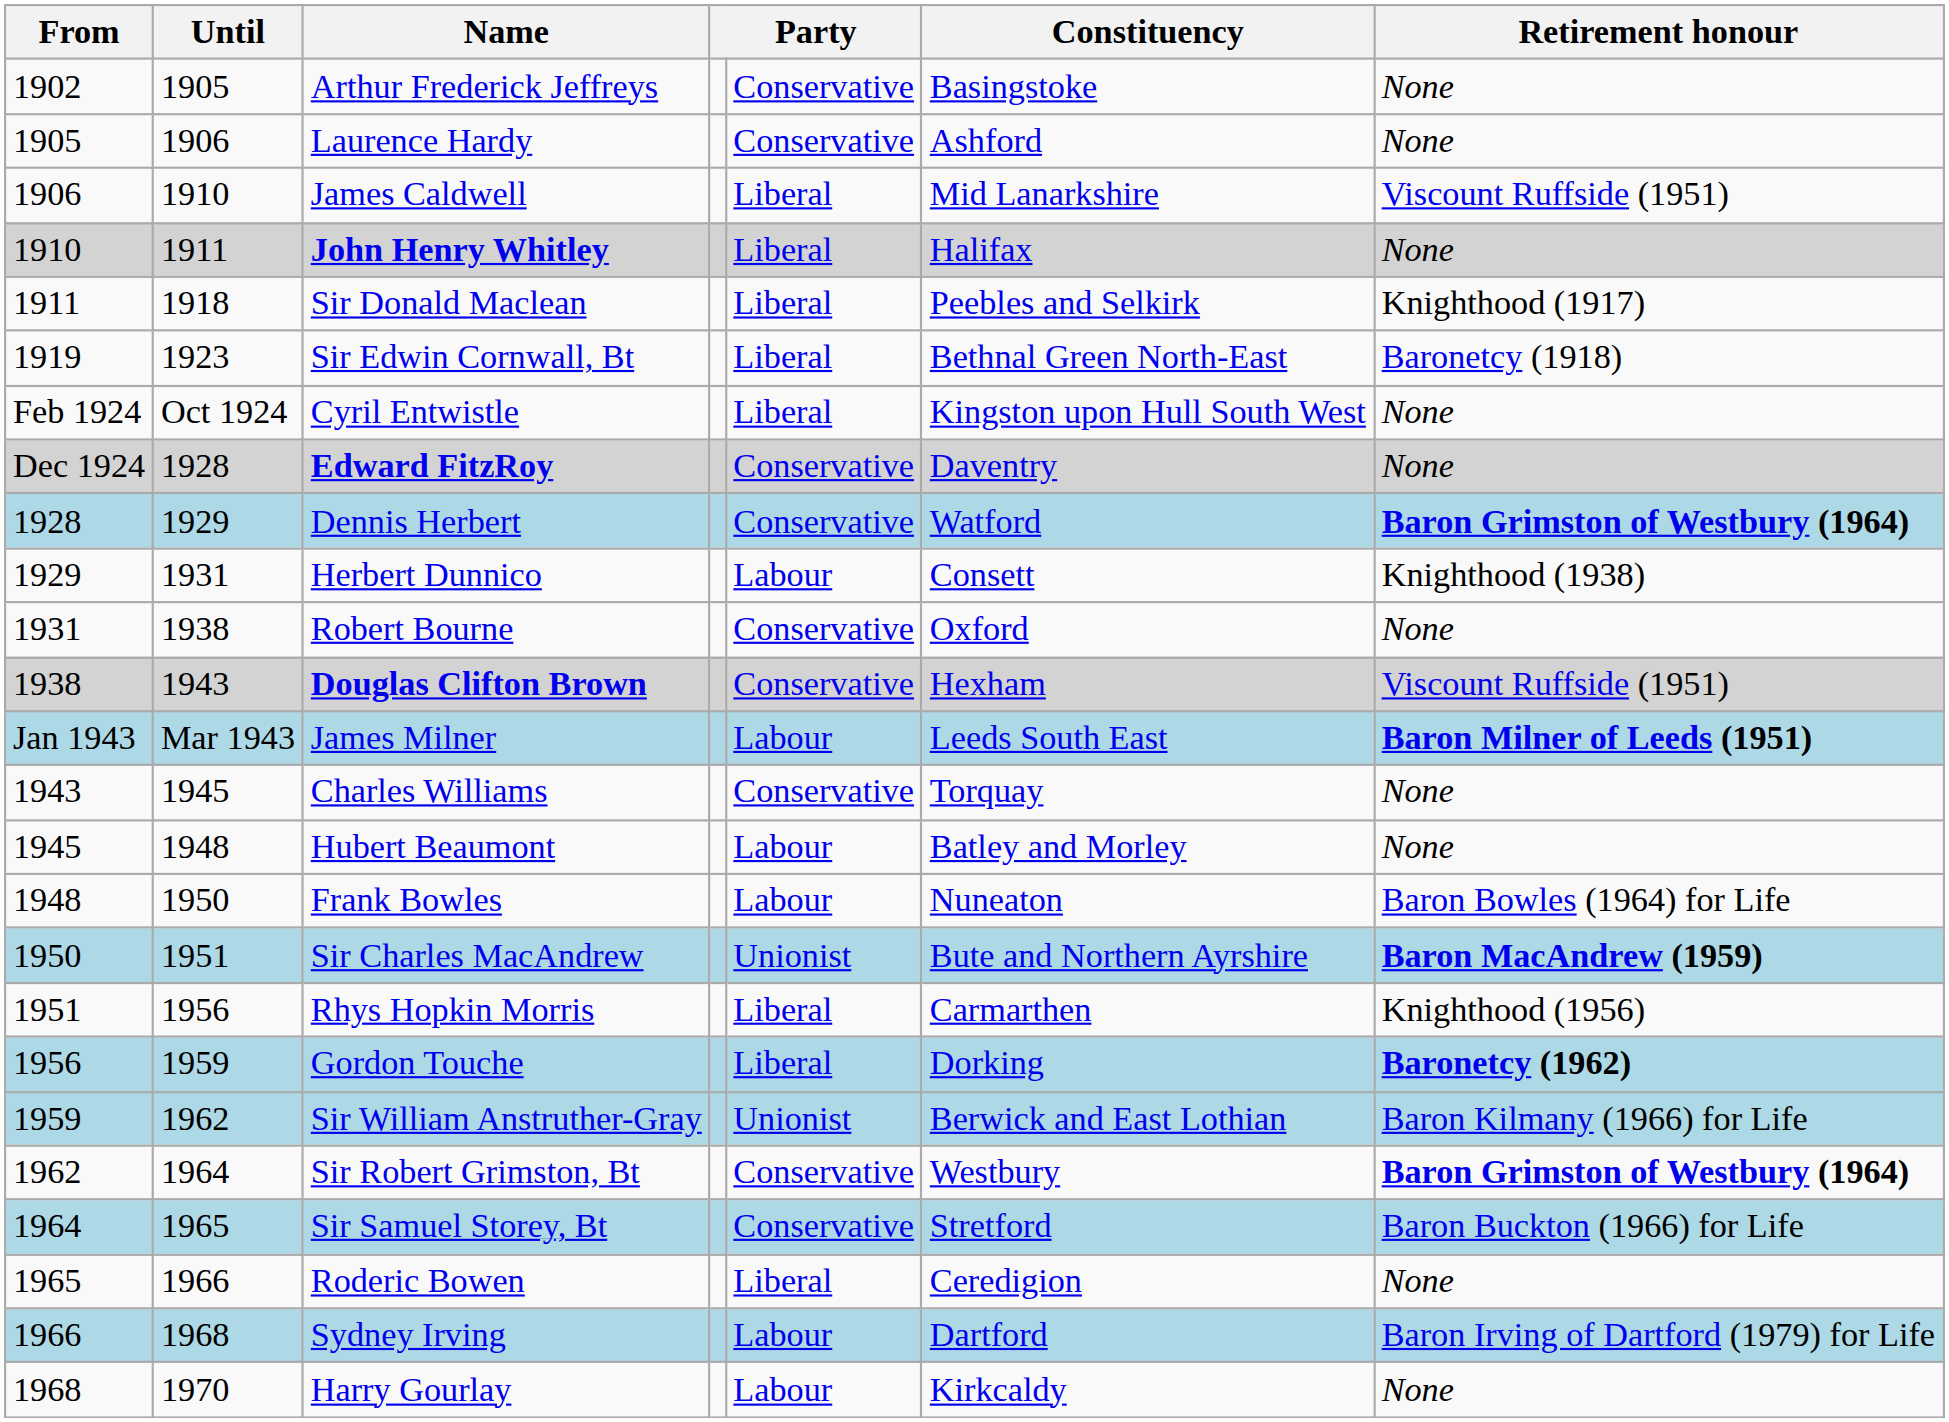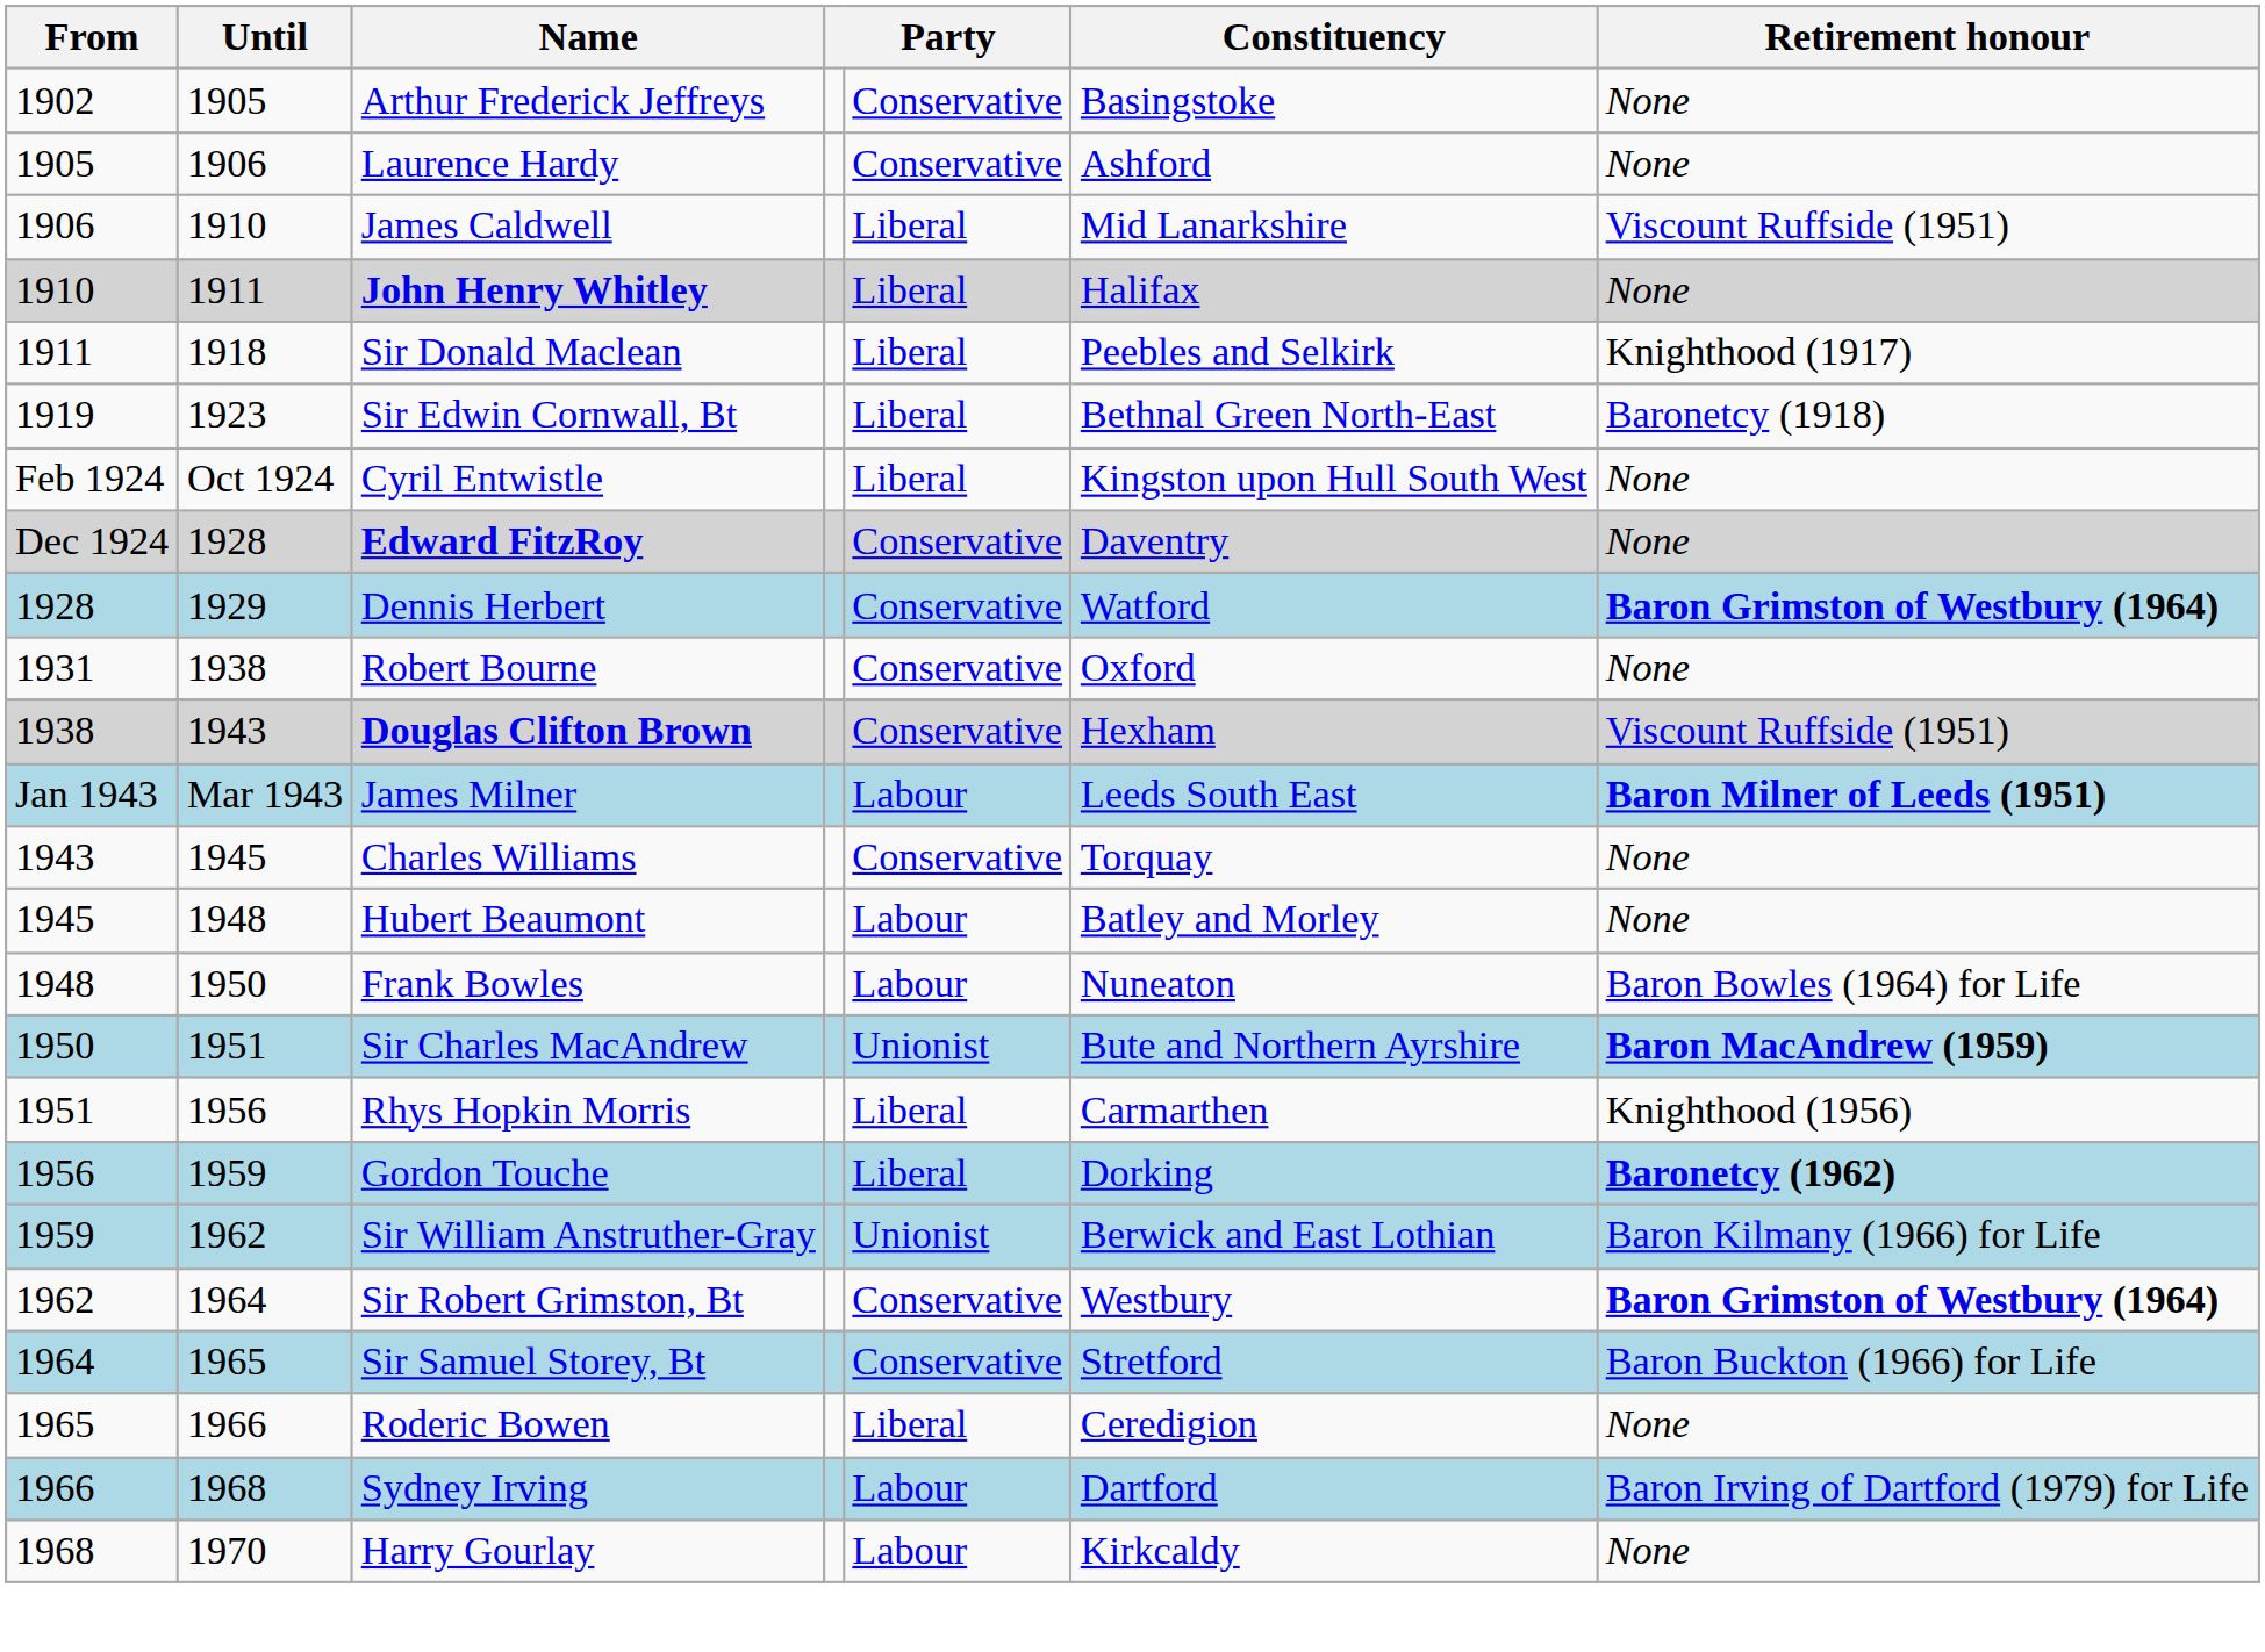 <table class="wikitable">
 <tr>
 <th>From</th>
 <th>Until</th>
 <th>Name</th>
 <th colspan=2>Party</th>
 <th>Constituency</th>
 <th>Retirement honour</th>
 </tr>
 <tr>
 <td>1902</td>
 <td>1905</td>
 <td><a href='#'>Arthur Frederick Jeffreys</a></td>
 <td style="background-color: "></td>
 <td><a href='#'>Conservative</a></td>
 <td><a href='#'>Basingstoke</a></td>
 <td><em>None</em></td>
 </tr>
 <tr>
 <td>1905</td>
 <td>1906</td>
 <td><a href='#'>Laurence Hardy</a></td>
 <td style="background-color: "></td>
 <td><a href='#'>Conservative</a></td>
 <td><a href='#'>Ashford</a></td>
 <td><em>None</em></td>
 </tr>
 <tr>
 <td>1906</td>
 <td>1910</td>
 <td><a href='#'>James Caldwell</a></td>
 <td style="background-color: "></td>
 <td><a href='#'>Liberal</a></td>
 <td><a href='#'>Mid Lanarkshire</a></td>
 <td><a href='#'>Viscount Ruffside</a> (1951)</td>
 </tr>
 <tr bgcolor=LightGrey>
 <td>1910</td>
 <td>1911</td>
 <td><strong><a href='#'>John Henry Whitley</a></strong></td>
 <td style="background-color: "></td>
 <td><a href='#'>Liberal</a></td>
 <td><a href='#'>Halifax</a></td>
 <td><em>None</em></td>
 </tr>
 <tr>
 <td>1911</td>
 <td>1918</td>
 <td><a href='#'>Sir Donald Maclean</a></td>
 <td style="background-color: "></td>
 <td><a href='#'>Liberal</a></td>
 <td><a href='#'>Peebles and Selkirk</a></td>
 <td>Knighthood (1917)</td>
 </tr>
 <tr>
 <td>1919</td>
 <td>1923</td>
 <td><a href='#'>Sir Edwin Cornwall, Bt</a></td>
 <td style="background-color: "></td>
 <td><a href='#'>Liberal</a></td>
 <td><a href='#'>Bethnal Green North-East</a></td>
 <td><a href='#'>Baronetcy</a> (1918)</td>
 </tr>
 <tr>
 <td>Feb 1924</td>
 <td>Oct 1924</td>
 <td><a href='#'>Cyril Entwistle</a></td>
 <td style="background-color: "></td>
 <td><a href='#'>Liberal</a></td>
 <td><a href='#'>Kingston upon Hull South West</a></td>
 <td><em>None</em></td>
 </tr>
 <tr bgcolor=LightGrey>
 <td>Dec 1924</td>
 <td>1928</td>
 <td><strong><a href='#'>Edward FitzRoy</a></strong></td>
 <td style="background-color: "></td>
 <td><a href='#'>Conservative</a></td>
 <td><a href='#'>Daventry</a></td>
 <td><em>None</em></td>
 </tr>
 <tr bgcolor=lightblue>
 <td>1928</td>
 <td>1929</td>
 <td><a href='#'>Dennis Herbert</a></td>
 <td style="background-color: "></td>
 <td><a href='#'>Conservative</a></td>
 <td><a href='#'>Watford</a></td>
 <td><strong><a href='#'>Baron Grimston of Westbury</a> (1964)</strong></td>
-</tr>
-<tr>
-<td>1929</td>
-<td>1931</td>
-<td><a href='#'>Herbert Dunnico</a></td>
-<td style="background-color: "></td>
-<td><a href='#'>Labour</a></td>
-<td><a href='#'>Consett</a></td>
-<td>Knighthood (1938)</td>
 </tr>
 <tr>
 <td>1931</td>
 <td>1938</td>
 <td><a href='#'>Robert Bourne</a></td>
 <td style="background-color: "></td>
 <td><a href='#'>Conservative</a></td>
 <td><a href='#'>Oxford</a></td>
 <td><em>None</em></td>
 </tr>
 <tr bgcolor=LightGrey>
 <td>1938</td>
 <td>1943</td>
 <td><strong><a href='#'>Douglas Clifton Brown</a></strong></td>
 <td style="background-color: "></td>
 <td><a href='#'>Conservative</a></td>
 <td><a href='#'>Hexham</a></td>
 <td><a href='#'>Viscount Ruffside</a> (1951)</td>
 </tr>
 <tr bgcolor=lightblue>
 <td>Jan 1943</td>
 <td>Mar 1943</td>
 <td><a href='#'>James Milner</a></td>
 <td style="background-color: "></td>
 <td><a href='#'>Labour</a></td>
 <td><a href='#'>Leeds South East</a></td>
 <td><strong><a href='#'>Baron Milner of Leeds</a> (1951)</strong></td>
 </tr>
 <tr>
 <td>1943</td>
 <td>1945</td>
 <td><a href='#'>Charles Williams</a></td>
 <td style="background-color: "></td>
 <td><a href='#'>Conservative</a></td>
 <td><a href='#'>Torquay</a></td>
 <td><em>None</em></td>
 </tr>
 <tr>
 <td>1945</td>
 <td>1948</td>
 <td><a href='#'>Hubert Beaumont</a></td>
 <td style="background-color: "></td>
 <td><a href='#'>Labour</a></td>
 <td><a href='#'>Batley and Morley</a></td>
 <td><em>None</em></td>
 </tr>
 <tr>
 <td>1948</td>
 <td>1950</td>
 <td><a href='#'>Frank Bowles</a></td>
 <td style="background-color: "></td>
 <td><a href='#'>Labour</a></td>
 <td><a href='#'>Nuneaton</a></td>
 <td><a href='#'>Baron Bowles</a> (1964) for Life</td>
 </tr>
 <tr bgcolor=lightblue>
 <td>1950</td>
 <td>1951</td>
 <td><a href='#'>Sir Charles MacAndrew</a></td>
 <td style="background-color: "></td>
 <td><a href='#'>Unionist</a></td>
 <td><a href='#'>Bute and Northern Ayrshire</a></td>
 <td><strong><a href='#'>Baron MacAndrew</a> (1959)</strong></td>
 </tr>
 <tr>
 <td>1951</td>
 <td>1956</td>
 <td><a href='#'>Rhys Hopkin Morris</a></td>
 <td style="background-color: "></td>
 <td><a href='#'>Liberal</a></td>
 <td><a href='#'>Carmarthen</a></td>
 <td>Knighthood (1956)</td>
 </tr>
 <tr bgcolor=lightblue>
 <td>1956</td>
 <td>1959</td>
 <td><a href='#'>Gordon Touche</a></td>
 <td style="background-color: "></td>
 <td><a href='#'>Liberal</a></td>
 <td><a href='#'>Dorking</a></td>
 <td><strong><a href='#'>Baronetcy</a> (1962)</strong></td>
 </tr>
 <tr bgcolor=lightblue>
 <td>1959</td>
 <td>1962</td>
 <td><a href='#'>Sir William Anstruther-Gray</a></td>
 <td style="background-color: "></td>
 <td><a href='#'>Unionist</a></td>
 <td><a href='#'>Berwick and East Lothian</a></td>
 <td><a href='#'>Baron Kilmany</a> (1966) for Life</td>
 </tr>
 <tr>
 <td>1962</td>
 <td>1964</td>
 <td><a href='#'>Sir Robert Grimston, Bt</a></td>
 <td style="background-color: "></td>
 <td><a href='#'>Conservative</a></td>
 <td><a href='#'>Westbury</a></td>
 <td><strong><a href='#'>Baron Grimston of Westbury</a> (1964)</strong></td>
 </tr>
 <tr bgcolor=lightblue>
 <td>1964</td>
 <td>1965</td>
 <td><a href='#'>Sir Samuel Storey, Bt</a></td>
 <td style="background-color: "></td>
 <td><a href='#'>Conservative</a></td>
 <td><a href='#'>Stretford</a></td>
 <td><a href='#'>Baron Buckton</a> (1966) for Life</td>
 </tr>
 <tr>
 <td>1965</td>
 <td>1966</td>
 <td><a href='#'>Roderic Bowen</a></td>
 <td style="background-color: "></td>
 <td><a href='#'>Liberal</a></td>
 <td><a href='#'>Ceredigion</a></td>
 <td><em>None</em></td>
 </tr>
 <tr bgcolor=lightblue>
 <td>1966</td>
 <td>1968</td>
 <td><a href='#'>Sydney Irving</a></td>
 <td style="background-color: "></td>
 <td><a href='#'>Labour</a></td>
 <td><a href='#'>Dartford</a></td>
 <td><a href='#'>Baron Irving of Dartford</a> (1979) for Life</td>
 </tr>
 <tr>
 <td>1968</td>
 <td>1970</td>
 <td><a href='#'>Harry Gourlay</a></td>
 <td style="background-color: "></td>
 <td><a href='#'>Labour</a></td>
 <td><a href='#'>Kirkcaldy</a></td>
 <td><em>None</em></td>
 </tr>
 </table>
